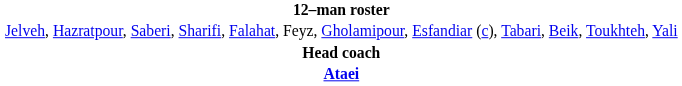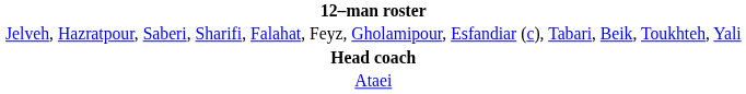 <table style="text-align:center; margin-top:2em; margin-left:auto; margin-right:auto">
 <tr>
 <td><strong>12–man roster</strong></td>
 </tr>
 <tr>
 <td><a href='#'>Jelveh</a>, <a href='#'>Hazratpour</a>, <a href='#'>Saberi</a>, <a href='#'>Sharifi</a>, <a href='#'>Falahat</a>, Feyz, <a href='#'>Gholamipour</a>, <a href='#'>Esfandiar</a> (<a href='#'>c</a>), <a href='#'>Tabari</a>, <a href='#'>Beik</a>, <a href='#'>Toukhteh</a>, <a href='#'>Yali</a></td>
 </tr>
 <tr>
 <td><strong>Head coach</strong></td>
 </tr>
 <tr>
-<td><strong><a href='#'>Ataei</a></strong></td>
+<td><a href='#'>Ataei</a></td>
 </tr>
 </table>
